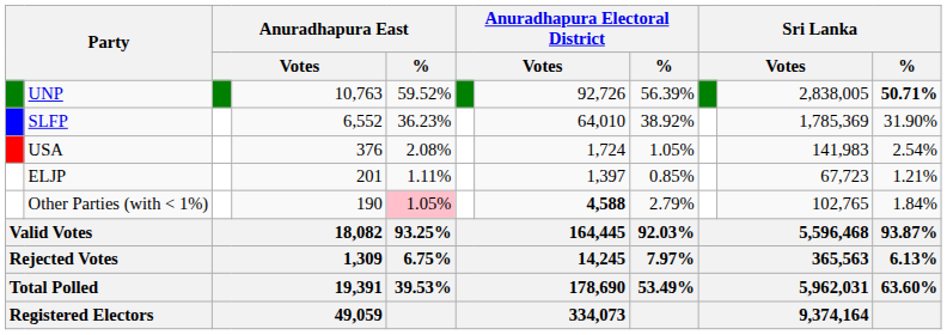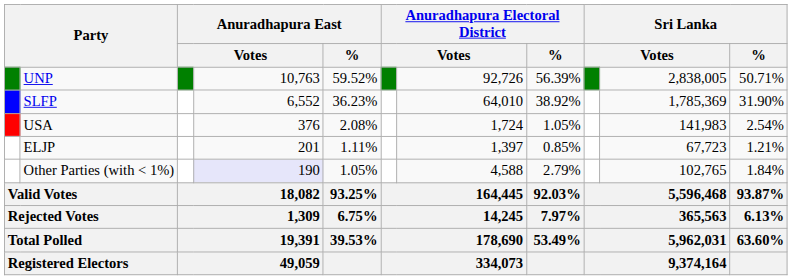 <table class="wikitable">
 <tr>
 <th colspan="2" width="144px"rowspan="2">Party</th>
 <th colspan="3" width="216px">Anuradhapura East</th>
 <th colspan="3" width="216px"><a href='#'>Anuradhapura Electoral District</a></th>
 <th colspan="3" width="216px">Sri Lanka</th>
 </tr>
 <tr>
 <th colspan="2" width="144px">Votes</th>
 <th>%</th>
 <th colspan="2" width="144px">Votes</th>
 <th>%</th>
 <th colspan="2" width="144px">Votes</th>
 <th>%</th>
 </tr>
 <tr>
 <td style="background-color:green;" width="10px"></td>
 <td style="text-align:left;"><a href='#'>UNP</a></td>
 <td style="background-color:green;" width="10px"></td>
 <td style="text-align:right;">10,763</td>
 <td style="text-align:right;">59.52%</td>
 <td style="background-color:green;" width="10px"></td>
 <td style="text-align:right;">92,726</td>
 <td style="text-align:right;">56.39%</td>
 <td style="background-color:green;" width="10px"></td>
 <td style="text-align:right;">2,838,005</td>
-<td style="text-align:right;"><strong>50.71%</strong></td>
+<td style="text-align:right;">50.71%</td>
 </tr>
 <tr>
 <td style="background-color:blue;" width="10px"></td>
 <td style="text-align:left;"><a href='#'>SLFP</a></td>
 <td style="background-color:white;" width="10px"></td>
 <td style="text-align:right;">6,552</td>
 <td style="text-align:right;">36.23%</td>
 <td style="background-color:white;" width="10px"></td>
 <td style="text-align:right;">64,010</td>
 <td style="text-align:right;">38.92%</td>
 <td style="background-color:white;" width="10px"></td>
 <td style="text-align:right;">1,785,369</td>
 <td style="text-align:right;">31.90%</td>
 </tr>
 <tr>
 <td style="background-color:red;" width="10px"></td>
 <td style="text-align:left;">USA</td>
 <td style="background-color:white;" width="10px"></td>
 <td style="text-align:right;">376</td>
 <td style="text-align:right;">2.08%</td>
 <td style="background-color:white;" width="10px"></td>
 <td style="text-align:right;">1,724</td>
 <td style="text-align:right;">1.05%</td>
 <td style="background-color:white;" width="10px"></td>
 <td style="text-align:right;">141,983</td>
 <td style="text-align:right;">2.54%</td>
 </tr>
 <tr>
 <td style="background-color:white;" width="10px"></td>
 <td style="text-align:left;">ELJP</td>
 <td style="background-color:white;" width="10px"></td>
 <td style="text-align:right;">201</td>
 <td style="text-align:right;">1.11%</td>
 <td style="background-color:white;" width="10px"></td>
 <td style="text-align:right;">1,397</td>
 <td style="text-align:right;">0.85%</td>
 <td style="background-color:white;" width="10px"></td>
 <td style="text-align:right;">67,723</td>
 <td style="text-align:right;">1.21%</td>
 </tr>
 <tr>
 <td style="background-color:white;" width="10px"></td>
 <td style="text-align:left;">Other Parties (with < 1%)</td>
 <td style="background-color:white;" width="10px"></td>
-<td style="text-align:right;">190</td>
-<td style="background: pink; text-align:right;">1.05%</td>
+<td style="background: lavender; text-align:right;">190</td>
+<td style="text-align:right;">1.05%</td>
 <td style="background-color:white;" width="10px"></td>
-<td style="text-align:right;"><strong>4,588</strong></td>
+<td style="text-align:right;">4,588</td>
 <td style="text-align:right;">2.79%</td>
 <td style="background-color:white;" width="10px"></td>
 <td style="text-align:right;">102,765</td>
 <td style="text-align:right;">1.84%</td>
 </tr>
 <tr>
 <th colspan="2" width="144px"style="text-align:left;">Valid Votes</th>
 <th style="text-align:right;"colspan="2" width="144px">18,082</th>
 <th style="text-align:right;">93.25%</th>
 <th style="text-align:right;"colspan="2" width="144px">164,445</th>
 <th style="text-align:right;">92.03%</th>
 <th style="text-align:right;"colspan="2" width="144px">5,596,468</th>
 <th style="text-align:right;">93.87%</th>
 </tr>
 <tr>
 <th colspan="2" width="144px"style="text-align:left;">Rejected Votes</th>
 <th style="text-align:right;"colspan="2" width="144px">1,309</th>
 <th style="text-align:right;">6.75%</th>
 <th style="text-align:right;"colspan="2" width="144px">14,245</th>
 <th style="text-align:right;">7.97%</th>
 <th style="text-align:right;"colspan="2" width="144px">365,563</th>
 <th style="text-align:right;">6.13%</th>
 </tr>
 <tr>
 <th colspan="2" width="144px"style="text-align:left;">Total Polled</th>
 <th style="text-align:right;"colspan="2" width="144px">19,391</th>
 <th style="text-align:right;">39.53%</th>
 <th style="text-align:right;"colspan="2" width="144px">178,690</th>
 <th style="text-align:right;">53.49%</th>
 <th style="text-align:right;"colspan="2" width="144px">5,962,031</th>
 <th style="text-align:right;">63.60%</th>
 </tr>
 <tr>
 <th colspan="2" width="144px"style="text-align:left;">Registered Electors</th>
 <th style="text-align:right;"colspan="2" width="144px">49,059</th>
 <th></th>
 <th style="text-align:right;"colspan="2" width="144px">334,073</th>
 <th></th>
 <th style="text-align:right;"colspan="2" width="144px">9,374,164</th>
 <th></th>
 </tr>
 </table>
